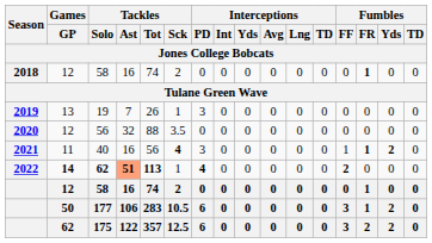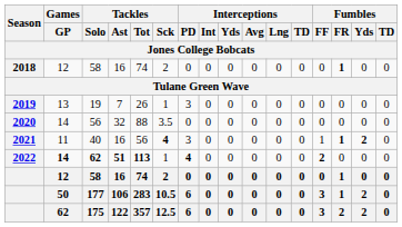 <table class="wikitable" style="text-align:center;">
 <tr>
 <th rowspan="2">Season</th>
 <th>Games</th>
 <th colspan="4">Tackles</th>
 <th colspan="6">Interceptions</th>
 <th colspan="4">Fumbles</th>
 </tr>
 <tr>
 <th>GP</th>
 <th>Solo</th>
 <th>Ast</th>
 <th>Tot</th>
 <th>Sck</th>
 <th>PD</th>
 <th>Int</th>
 <th>Yds</th>
 <th>Avg</th>
 <th>Lng</th>
 <th>TD</th>
 <th>FF</th>
 <th>FR</th>
 <th>Yds</th>
 <th>TD</th>
 </tr>
 <tr>
 <th colspan="20">Jones College Bobcats</th>
 </tr>
 <tr>
 <th>2018</th>
 <td>12</td>
 <td>58</td>
 <td>16</td>
 <td>74</td>
 <td>2</td>
 <td>0</td>
 <td>0</td>
 <td>0</td>
 <td>0</td>
 <td>0</td>
 <td>0</td>
 <td>0</td>
 <td><strong>1</strong></td>
 <td>0</td>
 <td>0</td>
 </tr>
 <tr>
 <th colspan="20">Tulane Green Wave</th>
 </tr>
 <tr>
 <th><a href='#'>2019</a></th>
 <td>13</td>
 <td>19</td>
 <td>7</td>
 <td>26</td>
 <td>1</td>
 <td>3</td>
 <td>0</td>
 <td>0</td>
 <td>0</td>
 <td>0</td>
 <td>0</td>
 <td>0</td>
 <td>0</td>
 <td>0</td>
 <td>0</td>
 </tr>
 <tr>
 <th><a href='#'>2020</a></th>
-<td>12</td>
+<td>14</td>
 <td>56</td>
 <td>32</td>
 <td>88</td>
 <td>3.5</td>
 <td>0</td>
 <td>0</td>
 <td>0</td>
 <td>0</td>
 <td>0</td>
 <td>0</td>
 <td>0</td>
 <td>0</td>
 <td>0</td>
 <td>0</td>
 </tr>
 <tr>
 <th><a href='#'>2021</a></th>
 <td>11</td>
 <td>40</td>
 <td>16</td>
 <td>56</td>
 <td><strong>4</strong></td>
 <td>3</td>
 <td>0</td>
 <td>0</td>
 <td>0</td>
 <td>0</td>
 <td>0</td>
 <td>1</td>
 <td><strong>1</strong></td>
 <td><strong>2</strong></td>
 <td>0</td>
 </tr>
 <tr>
 <th><a href='#'>2022</a></th>
 <td><strong>14</strong></td>
 <td><strong>62</strong></td>
-<td style="background: lightsalmon;"><strong>51</strong></td>
+<td><strong>51</strong></td>
 <td><strong>113</strong></td>
 <td>1</td>
 <td><strong>4</strong></td>
 <td>0</td>
 <td>0</td>
 <td>0</td>
 <td>0</td>
 <td>0</td>
 <td><strong>2</strong></td>
 <td>0</td>
 <td>0</td>
 <td>0</td>
 </tr>
 <tr>
 <th></th>
 <th>12</th>
 <th>58</th>
 <th>16</th>
 <th>74</th>
 <th>2</th>
 <th>0</th>
 <th>0</th>
 <th>0</th>
 <th>0</th>
 <th>0</th>
 <th>0</th>
 <th>0</th>
 <th>1</th>
 <th>0</th>
 <th>0</th>
 </tr>
 <tr>
 <th></th>
 <th>50</th>
 <th>177</th>
 <th>106</th>
 <th>283</th>
 <th>10.5</th>
 <th>6</th>
 <th>0</th>
 <th>0</th>
 <th>0</th>
 <th>0</th>
 <th>0</th>
 <th>3</th>
 <th>1</th>
 <th>2</th>
 <th>0</th>
 </tr>
 <tr>
 <th></th>
 <th>62</th>
 <th>175</th>
 <th>122</th>
 <th>357</th>
 <th>12.5</th>
 <th>6</th>
 <th>0</th>
 <th>0</th>
 <th>0</th>
 <th>0</th>
 <th>0</th>
 <th>3</th>
 <th>2</th>
 <th>2</th>
 <th>0</th>
 </tr>
 </table>
